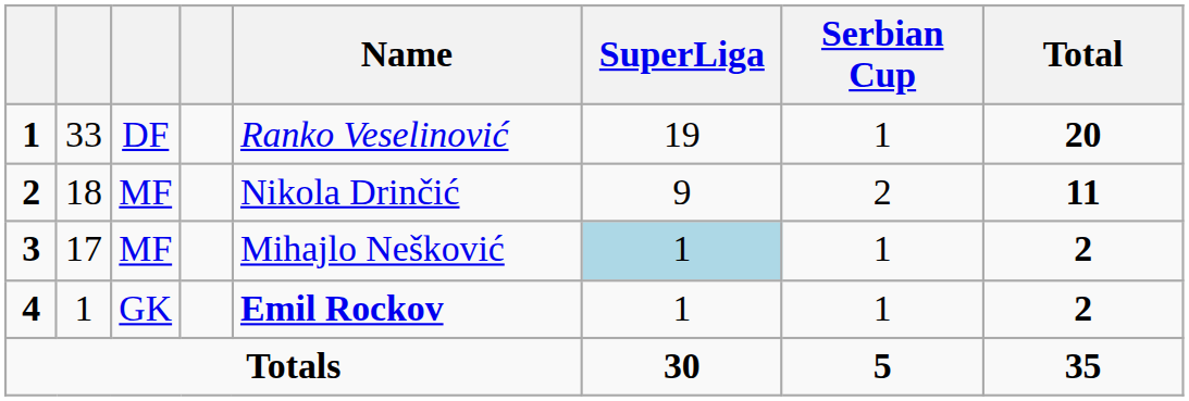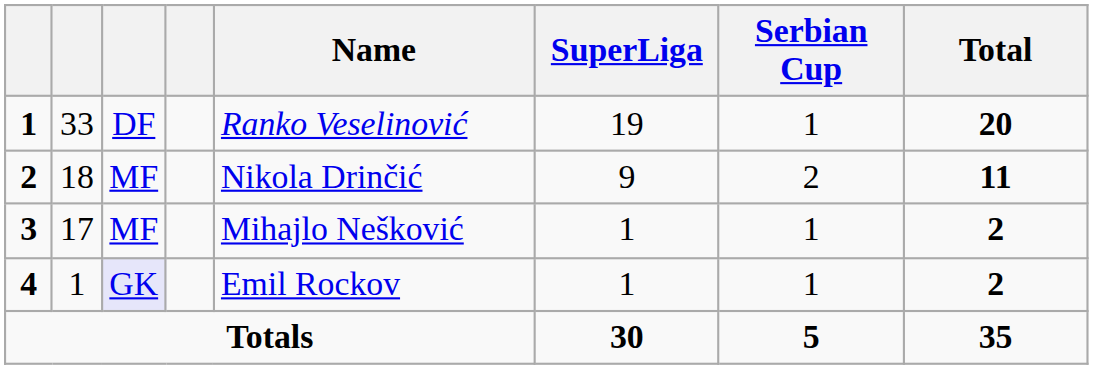 <table class="wikitable" style="text-align:center">
 <tr>
 <th width="15"></th>
 <th width="15"></th>
 <th width="15"></th>
 <th width="15"></th>
 <th width="145">Name</th>
 <th width="80"><strong><a href='#'>SuperLiga</a></strong></th>
 <th width="80"><strong><a href='#'>Serbian Cup</a></strong></th>
 <th width="80">Total</th>
 </tr>
 <tr>
 <td><strong>1</strong></td>
 <td>33</td>
 <td><a href='#'>DF</a></td>
 <td></td>
 <td align="left"><em><a href='#'>Ranko Veselinović</a></em></td>
 <td>19</td>
 <td>1</td>
 <td><strong>20</strong></td>
 </tr>
 <tr>
 <td><strong>2</strong></td>
 <td>18</td>
 <td><a href='#'>MF</a></td>
 <td></td>
 <td align="left"><a href='#'>Nikola Drinčić</a></td>
 <td>9</td>
 <td>2</td>
 <td><strong>11</strong></td>
 </tr>
 <tr>
 <td><strong>3</strong></td>
 <td>17</td>
 <td><a href='#'>MF</a></td>
 <td></td>
 <td align="left"><a href='#'>Mihajlo Nešković</a></td>
-<td style="background: lightblue;">1</td>
+<td>1</td>
 <td>1</td>
 <td><strong>2</strong></td>
 </tr>
 <tr>
 <td><strong>4</strong></td>
 <td>1</td>
-<td><a href='#'>GK</a></td>
+<td style="background: lavender;"><a href='#'>GK</a></td>
 <td></td>
-<td align="left"><strong><a href='#'>Emil Rockov</a></strong></td>
+<td align="left"><a href='#'>Emil Rockov</a></td>
 <td>1</td>
 <td>1</td>
 <td><strong>2</strong></td>
 </tr>
 <tr>
 <td colspan="5"><strong>Totals</strong></td>
 <td><strong>30</strong></td>
 <td><strong>5</strong></td>
 <td><strong>35</strong></td>
 </tr>
 </table>
